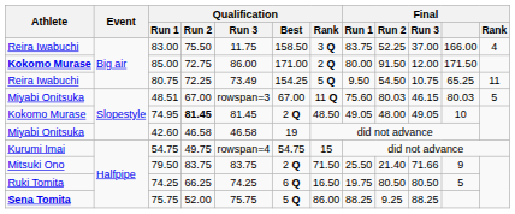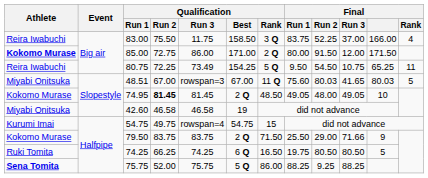 <table class=wikitable style=font-size:90%;text-align:center>
 <tr>
 <th rowspan=2>Athlete</th>
 <th rowspan=2>Event</th>
 <th colspan=5>Qualification</th>
 <th colspan=5>Final</th>
 </tr>
 <tr style=font-size:95%>
 <th>Run 1</th>
 <th>Run 2</th>
 <th>Run 3</th>
 <th>Best</th>
 <th>Rank</th>
 <th>Run 1</th>
 <th>Run 2</th>
 <th>Run 3</th>
 <th></th>
 <th>Rank</th>
 </tr>
 <tr>
 <td align=left><a href='#'>Reira Iwabuchi</a></td>
 <td align=left rowspan=3><a href='#'>Big air</a></td>
 <td>83.00</td>
 <td>75.50</td>
 <td>11.75</td>
 <td>158.50</td>
 <td>3 <strong>Q</strong></td>
 <td>83.75</td>
 <td>52.25</td>
 <td>37.00</td>
 <td>166.00</td>
 <td>4</td>
 </tr>
 <tr>
 <td align=left><strong><a href='#'>Kokomo Murase</a></strong></td>
 <td>85.00</td>
 <td>72.75</td>
 <td>86.00</td>
 <td>171.00</td>
 <td>2 <strong>Q</strong></td>
 <td>80.00</td>
 <td>91.50</td>
 <td>12.00</td>
 <td>171.50</td>
 <td></td>
 </tr>
 <tr>
 <td align=left><a href='#'>Reira Iwabuchi</a></td>
 <td>80.75</td>
 <td>72.25</td>
 <td>73.49</td>
 <td>154.25</td>
 <td>5 <strong>Q</strong></td>
 <td>9.50</td>
 <td>54.50</td>
 <td>10.75</td>
 <td>65.25</td>
 <td>11</td>
 </tr>
 <tr>
 <td align=left><a href='#'>Miyabi Onitsuka</a></td>
 <td align=left rowspan=3><a href='#'>Slopestyle</a></td>
 <td>48.51</td>
 <td>67.00</td>
 <td>rowspan=3 </td>
 <td>67.00</td>
 <td>11 <strong>Q</strong></td>
 <td>75.60</td>
 <td>80.03</td>
-<td>46.15</td>
+<td>41.65</td>
 <td>80.03</td>
 <td>5</td>
 </tr>
 <tr>
 <td align=left><a href='#'>Kokomo Murase</a></td>
 <td>74.95</td>
 <td><strong>81.45</strong></td>
 <td>81.45</td>
 <td>2 <strong>Q</strong></td>
 <td>48.50</td>
 <td>49.05</td>
 <td>48.00</td>
 <td>49.05</td>
 <td>10</td>
 </tr>
 <tr>
 <td align=left><a href='#'>Miyabi Onitsuka</a></td>
 <td>42.60</td>
 <td>46.58</td>
 <td>46.58</td>
 <td>19</td>
 <td colspan=5>did not advance</td>
 </tr>
 <tr>
 <td align=left><a href='#'>Kurumi Imai</a></td>
 <td align=left rowspan=4><a href='#'>Halfpipe</a></td>
 <td>54.75</td>
 <td>49.75</td>
 <td>rowspan=4 </td>
 <td>54.75</td>
 <td>15</td>
 <td colspan=5>did not advance</td>
 </tr>
 <tr>
-<td align=left><a href='#'>Mitsuki Ono</a></td>
+<td align=left><a href='#'>Kokomo Murase</a></td>
 <td>79.50</td>
 <td>83.75</td>
 <td>83.75</td>
 <td>2 <strong>Q</strong></td>
 <td>71.50</td>
 <td>25.50</td>
-<td>21.40</td>
+<td>29.00</td>
 <td>71.66</td>
 <td>9</td>
 </tr>
 <tr>
 <td align=left><a href='#'>Ruki Tomita</a></td>
 <td>74.25</td>
 <td>66.25</td>
 <td>74.25</td>
 <td>6 <strong>Q</strong></td>
 <td>16.50</td>
 <td>19.75</td>
 <td>80.50</td>
 <td>80.50</td>
 <td>5</td>
 </tr>
 <tr>
 <td align=left><strong><a href='#'>Sena Tomita</a></strong></td>
 <td>75.75</td>
 <td>52.00</td>
 <td>75.75</td>
 <td>5 <strong>Q</strong></td>
 <td>86.00</td>
 <td>88.25</td>
 <td>9.25</td>
 <td>88.25</td>
 <td></td>
 </tr>
 </table>
